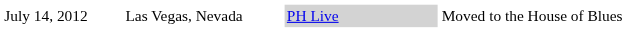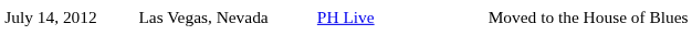 <table cellpadding="2" style="border:0 solid darkgrey; font-size:90%">
 <tr>
 <th style="width:150px;"></th>
 <th style="width:200px;"></th>
 <th style="width:200px;"></th>
 <th style="width:700px;"></th>
 </tr>
 <tr border="0">
 </tr>
 <tr>
 <td>July 14, 2012</td>
 <td>Las Vegas, Nevada</td>
-<td style="background: lightgrey;"><a href='#'>PH Live</a></td>
+<td><a href='#'>PH Live</a></td>
 <td>Moved to the House of Blues</td>
 </tr>
 <tr>
 </tr>
 </table>
